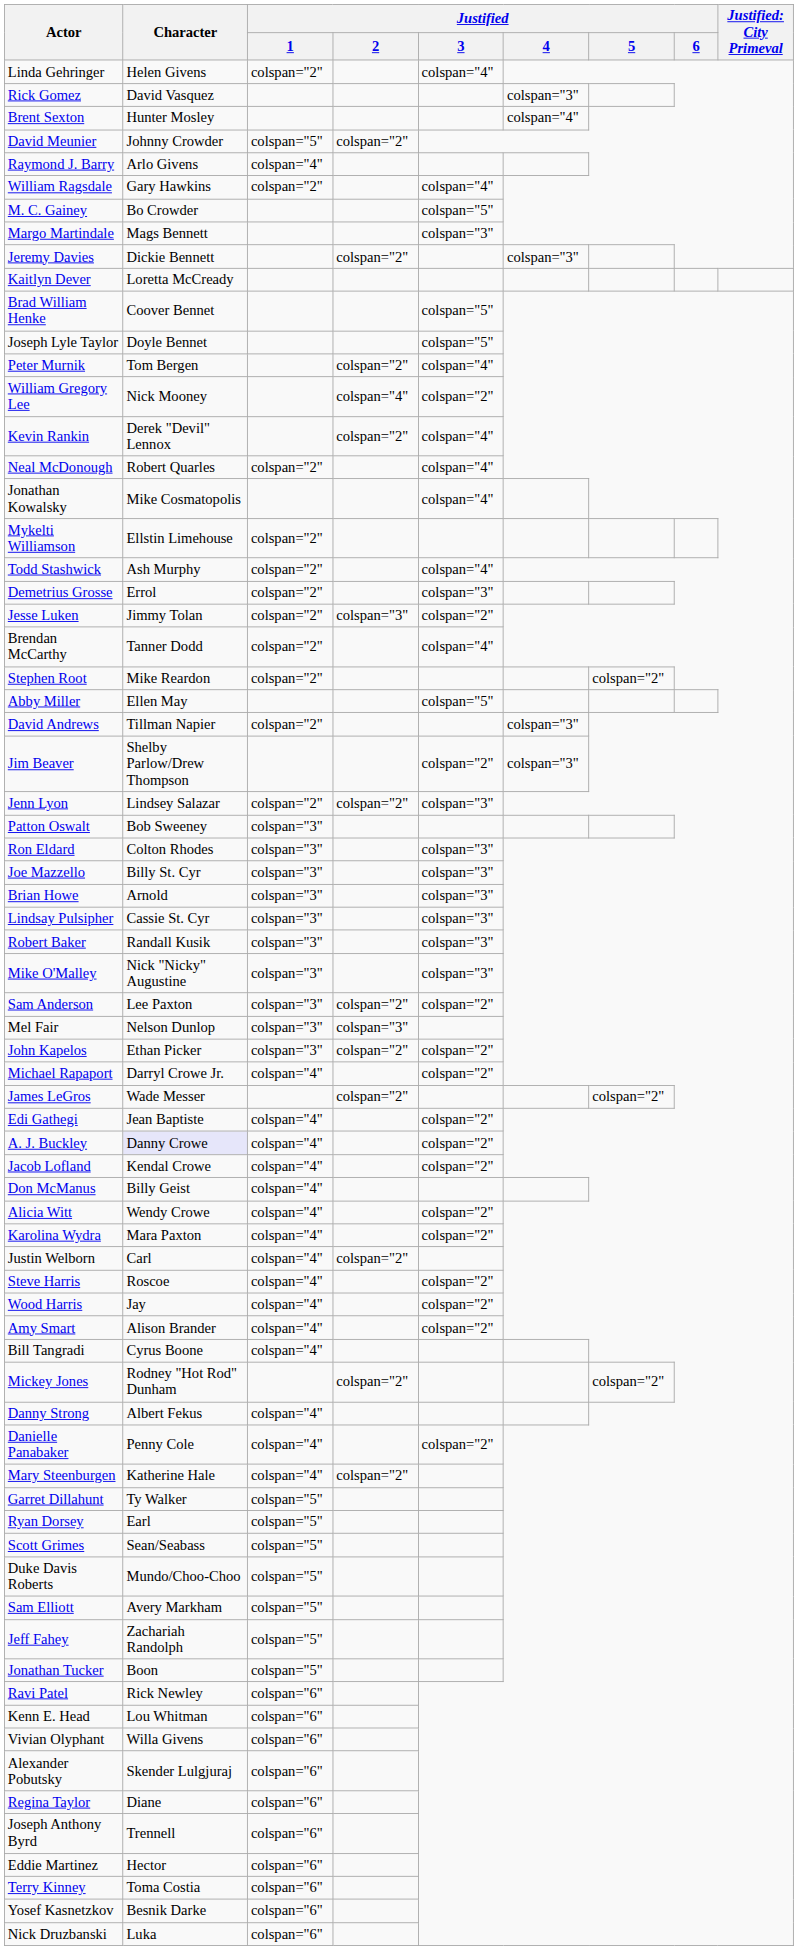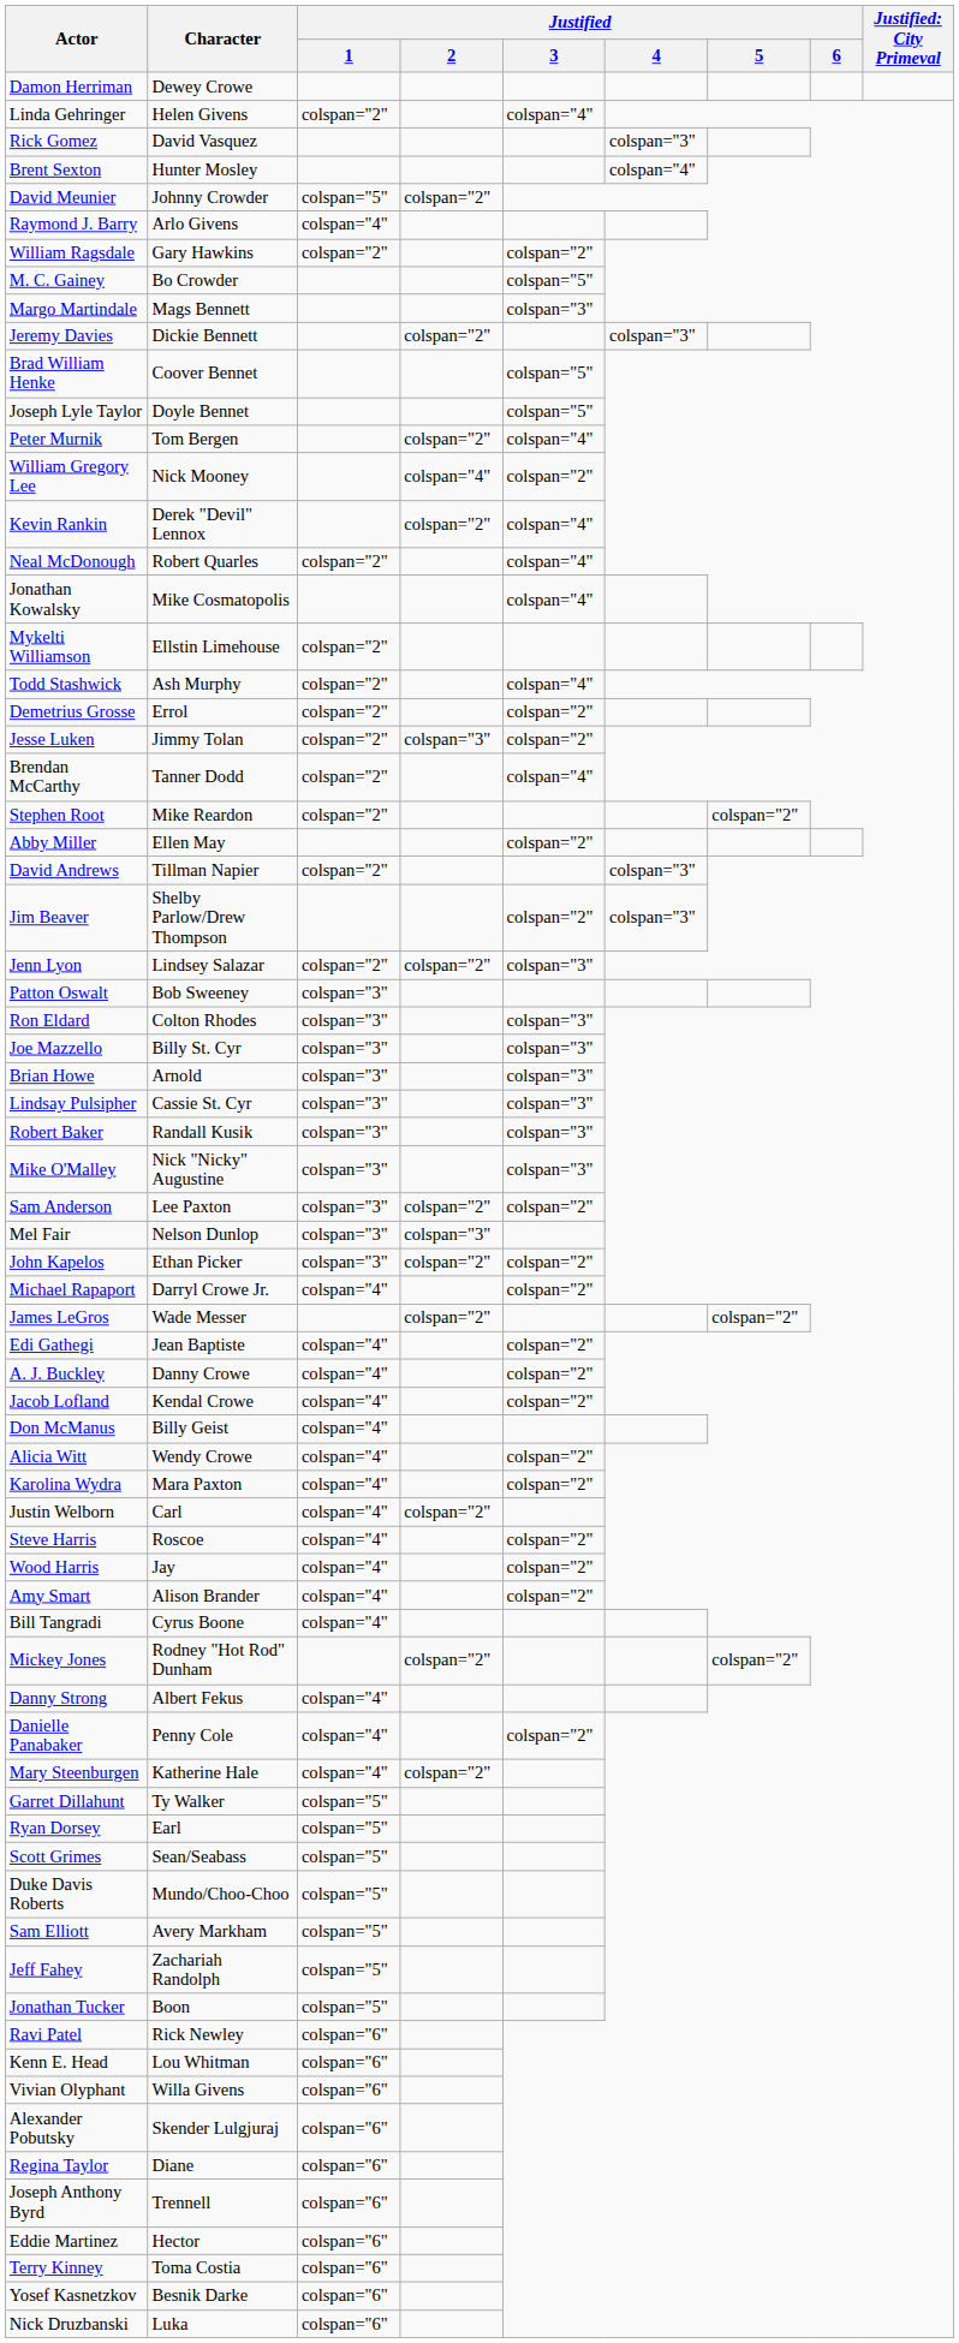 <table class="wikitable">
 <tr>
 <th rowspan="2" style="width:200px;">Actor</th>
 <th rowspan="2" style="width:200px;">Character</th>
 <th colspan="6"><em><a href='#'>Justified</a></em></th>
 <th rowspan="2" style="width:100px;"><em><a href='#'>Justified: City Primeval</a></em></th>
 </tr>
 <tr>
 <th style="width:100px;"><a href='#'>1</a></th>
 <th style="width:100px;"><a href='#'>2</a></th>
 <th style="width:100px;"><a href='#'>3</a></th>
 <th style="width:100px;"><a href='#'>4</a></th>
 <th style="width:100px;"><a href='#'>5</a></th>
 <th style="width:100px;"><a href='#'>6</a></th>
+</tr>
+<tr>
+<td><a href='#'>Damon Herriman</a></td>
+<td>Dewey Crowe</td>
+<td></td>
+<td></td>
+<td></td>
+<td></td>
+<td></td>
+<td></td>
+<td></td>
 </tr>
 <tr>
 <td>Linda Gehringer</td>
 <td>Helen Givens</td>
 <td>colspan="2" </td>
 <td></td>
 <td>colspan="4" </td>
 </tr>
 <tr>
 <td><a href='#'>Rick Gomez</a></td>
 <td>David Vasquez</td>
 <td></td>
 <td></td>
 <td></td>
 <td>colspan="3" </td>
 <td></td>
 </tr>
 <tr>
 <td><a href='#'>Brent Sexton</a></td>
 <td>Hunter Mosley</td>
 <td></td>
 <td></td>
 <td></td>
 <td>colspan="4" </td>
 </tr>
 <tr>
 <td><a href='#'>David Meunier</a></td>
 <td>Johnny Crowder</td>
 <td>colspan="5" </td>
 <td>colspan="2" </td>
 </tr>
 <tr>
 <td><a href='#'>Raymond J. Barry</a></td>
 <td>Arlo Givens</td>
 <td>colspan="4" </td>
 <td></td>
 <td></td>
 <td></td>
 </tr>
 <tr>
 <td><a href='#'>William Ragsdale</a></td>
 <td>Gary Hawkins</td>
 <td>colspan="2" </td>
 <td></td>
-<td>colspan="4" </td>
+<td>colspan="2" </td>
 </tr>
 <tr>
 <td><a href='#'>M. C. Gainey</a></td>
 <td>Bo Crowder</td>
 <td></td>
 <td></td>
 <td>colspan="5" </td>
 </tr>
 <tr>
 <td><a href='#'>Margo Martindale</a></td>
 <td>Mags Bennett</td>
 <td></td>
 <td></td>
 <td>colspan="3" </td>
 </tr>
 <tr>
 <td><a href='#'>Jeremy Davies</a></td>
 <td>Dickie Bennett</td>
 <td></td>
 <td>colspan="2" </td>
 <td></td>
 <td>colspan="3" </td>
-<td></td>
-</tr>
-<tr>
-<td><a href='#'>Kaitlyn Dever</a></td>
-<td>Loretta McCready</td>
-<td></td>
-<td></td>
-<td></td>
-<td></td>
-<td></td>
-<td></td>
 <td></td>
 </tr>
 <tr>
 <td><a href='#'>Brad William Henke</a></td>
 <td>Coover Bennet</td>
 <td></td>
 <td></td>
 <td>colspan="5" </td>
 </tr>
 <tr>
 <td>Joseph Lyle Taylor</td>
 <td>Doyle Bennet</td>
 <td></td>
 <td></td>
 <td>colspan="5" </td>
 </tr>
 <tr>
 <td><a href='#'>Peter Murnik</a></td>
 <td>Tom Bergen</td>
 <td></td>
 <td>colspan="2" </td>
 <td>colspan="4" </td>
 </tr>
 <tr>
 <td><a href='#'>William Gregory Lee</a></td>
 <td>Nick Mooney</td>
 <td></td>
 <td>colspan="4" </td>
 <td>colspan="2" </td>
 </tr>
 <tr>
 <td><a href='#'>Kevin Rankin</a></td>
 <td>Derek "Devil" Lennox</td>
 <td></td>
 <td>colspan="2" </td>
 <td>colspan="4" </td>
 </tr>
 <tr>
 <td><a href='#'>Neal McDonough</a></td>
 <td>Robert Quarles</td>
 <td>colspan="2" </td>
 <td></td>
 <td>colspan="4" </td>
 </tr>
 <tr>
 <td>Jonathan Kowalsky</td>
 <td>Mike Cosmatopolis</td>
 <td></td>
 <td></td>
 <td>colspan="4" </td>
 <td></td>
 </tr>
 <tr>
 <td><a href='#'>Mykelti Williamson</a></td>
 <td>Ellstin Limehouse</td>
 <td>colspan="2" </td>
 <td></td>
 <td></td>
 <td></td>
 <td></td>
 <td></td>
 </tr>
 <tr>
 <td><a href='#'>Todd Stashwick</a></td>
 <td>Ash Murphy</td>
 <td>colspan="2" </td>
 <td></td>
 <td>colspan="4" </td>
 </tr>
 <tr>
 <td><a href='#'>Demetrius Grosse</a></td>
 <td>Errol</td>
 <td>colspan="2" </td>
 <td></td>
-<td>colspan="3" </td>
+<td>colspan="2" </td>
 <td></td>
 <td></td>
 </tr>
 <tr>
 <td><a href='#'>Jesse Luken</a></td>
 <td>Jimmy Tolan</td>
 <td>colspan="2" </td>
 <td>colspan="3" </td>
 <td>colspan="2" </td>
 </tr>
 <tr>
 <td>Brendan McCarthy</td>
 <td>Tanner Dodd</td>
 <td>colspan="2" </td>
 <td></td>
 <td>colspan="4" </td>
 </tr>
 <tr>
 <td><a href='#'>Stephen Root</a></td>
 <td>Mike Reardon</td>
 <td>colspan="2" </td>
 <td></td>
 <td></td>
 <td></td>
 <td>colspan="2" </td>
 </tr>
 <tr>
 <td><a href='#'>Abby Miller</a></td>
 <td>Ellen May</td>
 <td></td>
 <td></td>
-<td>colspan="5" </td>
+<td>colspan="2" </td>
 <td></td>
 <td></td>
 <td></td>
 </tr>
 <tr>
 <td><a href='#'>David Andrews</a></td>
 <td>Tillman Napier</td>
 <td>colspan="2" </td>
 <td></td>
 <td></td>
 <td>colspan="3" </td>
 </tr>
 <tr>
 <td><a href='#'>Jim Beaver</a></td>
 <td>Shelby Parlow/Drew Thompson</td>
 <td></td>
 <td></td>
 <td>colspan="2" </td>
 <td>colspan="3" </td>
 </tr>
 <tr>
 <td><a href='#'>Jenn Lyon</a></td>
 <td>Lindsey Salazar</td>
 <td>colspan="2" </td>
 <td>colspan="2" </td>
 <td>colspan="3" </td>
 </tr>
 <tr>
 <td><a href='#'>Patton Oswalt</a></td>
 <td>Bob Sweeney</td>
 <td>colspan="3" </td>
 <td></td>
 <td></td>
 <td></td>
 <td></td>
 </tr>
 <tr>
 <td><a href='#'>Ron Eldard</a></td>
 <td>Colton Rhodes</td>
 <td>colspan="3" </td>
 <td></td>
 <td>colspan="3" </td>
 </tr>
 <tr>
 <td><a href='#'>Joe Mazzello</a></td>
 <td>Billy St. Cyr</td>
 <td>colspan="3" </td>
 <td></td>
 <td>colspan="3" </td>
 </tr>
 <tr>
 <td><a href='#'>Brian Howe</a></td>
 <td>Arnold</td>
 <td>colspan="3" </td>
 <td></td>
 <td>colspan="3" </td>
 </tr>
 <tr>
 <td><a href='#'>Lindsay Pulsipher</a></td>
 <td>Cassie St. Cyr</td>
 <td>colspan="3" </td>
 <td></td>
 <td>colspan="3" </td>
 </tr>
 <tr>
 <td><a href='#'>Robert Baker</a></td>
 <td>Randall Kusik</td>
 <td>colspan="3" </td>
 <td></td>
 <td>colspan="3" </td>
 </tr>
 <tr>
 <td><a href='#'>Mike O'Malley</a></td>
 <td>Nick "Nicky" Augustine</td>
 <td>colspan="3" </td>
 <td></td>
 <td>colspan="3" </td>
 </tr>
 <tr>
 <td><a href='#'>Sam Anderson</a></td>
 <td>Lee Paxton</td>
 <td>colspan="3" </td>
 <td>colspan="2" </td>
 <td>colspan="2" </td>
 </tr>
 <tr>
 <td>Mel Fair</td>
 <td>Nelson Dunlop</td>
 <td>colspan="3" </td>
 <td>colspan="3" </td>
 <td></td>
 </tr>
 <tr>
 <td><a href='#'>John Kapelos</a></td>
 <td>Ethan Picker</td>
 <td>colspan="3" </td>
 <td>colspan="2" </td>
 <td>colspan="2" </td>
 </tr>
 <tr>
 <td><a href='#'>Michael Rapaport</a></td>
 <td>Darryl Crowe Jr.</td>
 <td>colspan="4" </td>
 <td></td>
 <td>colspan="2" </td>
 </tr>
 <tr>
 <td><a href='#'>James LeGros</a></td>
 <td>Wade Messer</td>
 <td></td>
 <td>colspan="2" </td>
 <td></td>
 <td></td>
 <td>colspan="2" </td>
 </tr>
 <tr>
 <td><a href='#'>Edi Gathegi</a></td>
 <td>Jean Baptiste</td>
 <td>colspan="4" </td>
 <td></td>
 <td>colspan="2" </td>
 </tr>
 <tr>
 <td><a href='#'>A. J. Buckley</a></td>
-<td style="background: lavender;">Danny Crowe</td>
+<td>Danny Crowe</td>
 <td>colspan="4" </td>
 <td></td>
 <td>colspan="2" </td>
 </tr>
 <tr>
 <td><a href='#'>Jacob Lofland</a></td>
 <td>Kendal Crowe</td>
 <td>colspan="4" </td>
 <td></td>
 <td>colspan="2" </td>
 </tr>
 <tr>
 <td><a href='#'>Don McManus</a></td>
 <td>Billy Geist</td>
 <td>colspan="4" </td>
 <td></td>
 <td></td>
 <td></td>
 </tr>
 <tr>
 <td><a href='#'>Alicia Witt</a></td>
 <td>Wendy Crowe</td>
 <td>colspan="4" </td>
 <td></td>
 <td>colspan="2" </td>
 </tr>
 <tr>
 <td><a href='#'>Karolina Wydra</a></td>
 <td>Mara Paxton</td>
 <td>colspan="4" </td>
 <td></td>
 <td>colspan="2" </td>
 </tr>
 <tr>
 <td>Justin Welborn</td>
 <td>Carl</td>
 <td>colspan="4" </td>
 <td>colspan="2" </td>
 <td></td>
 </tr>
 <tr>
 <td><a href='#'>Steve Harris</a></td>
 <td>Roscoe</td>
 <td>colspan="4" </td>
 <td></td>
 <td>colspan="2" </td>
 </tr>
 <tr>
 <td><a href='#'>Wood Harris</a></td>
 <td>Jay</td>
 <td>colspan="4" </td>
 <td></td>
 <td>colspan="2" </td>
 </tr>
 <tr>
 <td><a href='#'>Amy Smart</a></td>
 <td>Alison Brander</td>
 <td>colspan="4" </td>
 <td></td>
 <td>colspan="2" </td>
 </tr>
 <tr>
 <td>Bill Tangradi</td>
 <td>Cyrus Boone</td>
 <td>colspan="4" </td>
 <td></td>
 <td></td>
 <td></td>
 </tr>
 <tr>
 <td><a href='#'>Mickey Jones</a></td>
 <td>Rodney "Hot Rod" Dunham</td>
 <td></td>
 <td>colspan="2" </td>
 <td></td>
 <td></td>
 <td>colspan="2" </td>
 </tr>
 <tr>
 <td><a href='#'>Danny Strong</a></td>
 <td>Albert Fekus</td>
 <td>colspan="4" </td>
 <td></td>
 <td></td>
 <td></td>
 </tr>
 <tr>
 <td><a href='#'>Danielle Panabaker</a></td>
 <td>Penny Cole</td>
 <td>colspan="4" </td>
 <td></td>
 <td>colspan="2" </td>
 </tr>
 <tr>
 <td><a href='#'>Mary Steenburgen</a></td>
 <td>Katherine Hale</td>
 <td>colspan="4" </td>
 <td>colspan="2" </td>
 <td></td>
 </tr>
 <tr>
 <td><a href='#'>Garret Dillahunt</a></td>
 <td>Ty Walker</td>
 <td>colspan="5" </td>
 <td></td>
 <td></td>
 </tr>
 <tr>
 <td><a href='#'>Ryan Dorsey</a></td>
 <td>Earl</td>
 <td>colspan="5" </td>
 <td></td>
 <td></td>
 </tr>
 <tr>
 <td><a href='#'>Scott Grimes</a></td>
 <td>Sean/Seabass</td>
 <td>colspan="5" </td>
 <td></td>
 <td></td>
 </tr>
 <tr>
 <td>Duke Davis Roberts</td>
 <td>Mundo/Choo-Choo</td>
 <td>colspan="5" </td>
 <td></td>
 <td></td>
 </tr>
 <tr>
 <td><a href='#'>Sam Elliott</a></td>
 <td>Avery Markham</td>
 <td>colspan="5" </td>
 <td></td>
 <td></td>
 </tr>
 <tr>
 <td><a href='#'>Jeff Fahey</a></td>
 <td>Zachariah Randolph</td>
 <td>colspan="5" </td>
 <td></td>
 <td></td>
 </tr>
 <tr>
 <td><a href='#'>Jonathan Tucker</a></td>
 <td>Boon</td>
 <td>colspan="5" </td>
 <td></td>
 <td></td>
 </tr>
 <tr>
 <td><a href='#'>Ravi Patel</a></td>
 <td>Rick Newley</td>
 <td>colspan="6" </td>
 <td></td>
 </tr>
 <tr>
 <td>Kenn E. Head</td>
 <td>Lou Whitman</td>
 <td>colspan="6" </td>
 <td></td>
 </tr>
 <tr>
 <td>Vivian Olyphant</td>
 <td>Willa Givens</td>
 <td>colspan="6" </td>
 <td></td>
 </tr>
 <tr>
 <td>Alexander Pobutsky</td>
 <td>Skender Lulgjuraj</td>
 <td>colspan="6" </td>
 <td></td>
 </tr>
 <tr>
 <td><a href='#'>Regina Taylor</a></td>
 <td>Diane</td>
 <td>colspan="6" </td>
 <td></td>
 </tr>
 <tr>
 <td>Joseph Anthony Byrd</td>
 <td>Trennell</td>
 <td>colspan="6" </td>
 <td></td>
 </tr>
 <tr>
 <td>Eddie Martinez</td>
 <td>Hector</td>
 <td>colspan="6" </td>
 <td></td>
 </tr>
 <tr>
 <td><a href='#'>Terry Kinney</a></td>
 <td>Toma Costia</td>
 <td>colspan="6" </td>
 <td></td>
 </tr>
 <tr>
 <td>Yosef Kasnetzkov</td>
 <td>Besnik Darke</td>
 <td>colspan="6" </td>
 <td></td>
 </tr>
 <tr>
 <td>Nick Druzbanski</td>
 <td>Luka</td>
 <td>colspan="6" </td>
 <td></td>
 </tr>
 </table>
